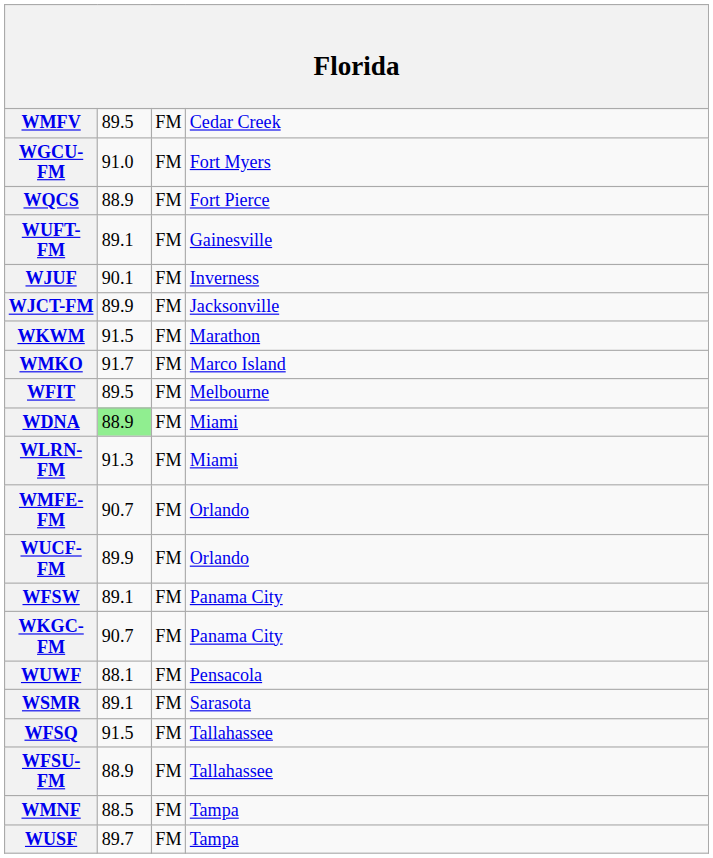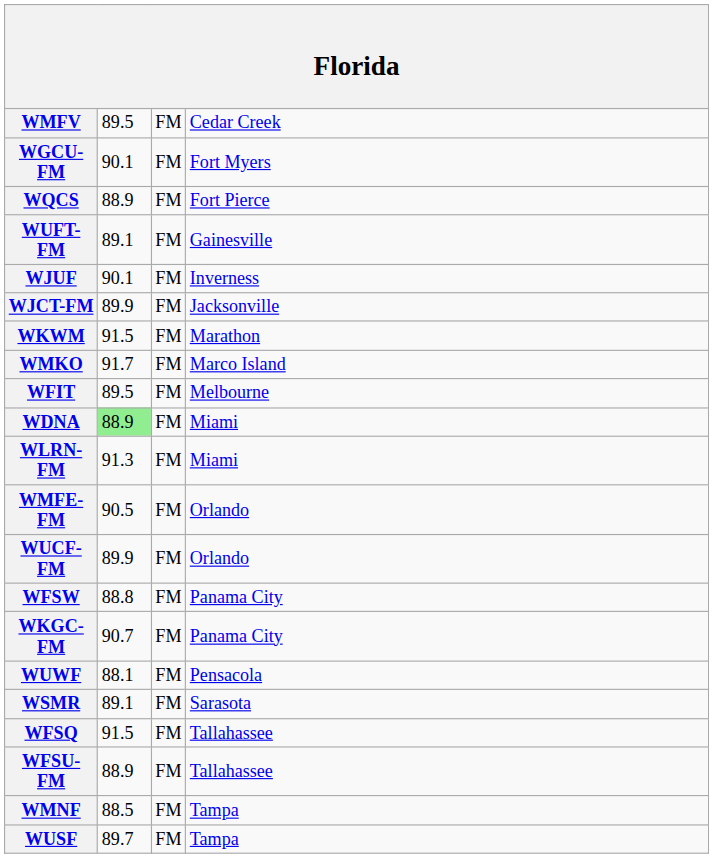 <table class="wikitable mw-collapsible" style="width:100%">
 <tr>
 <th scope="col" colspan="4"><br><h2>Florida</h2></th>
 </tr>
 <tr>
 <th scope="row" style="width: 75px;"><a href='#'>WMFV</a></th>
 <td style="width: 40px;">89.5</td>
 <td style="width: 21px;">FM</td>
 <td><a href='#'>Cedar Creek</a></td>
 </tr>
 <tr>
 <th scope="row"><a href='#'>WGCU-FM</a></th>
-<td>91.0</td>
+<td>90.1</td>
 <td>FM</td>
 <td><a href='#'>Fort Myers</a></td>
 </tr>
 <tr>
 <th scope="row"><a href='#'>WQCS</a></th>
 <td>88.9</td>
 <td>FM</td>
 <td><a href='#'>Fort Pierce</a></td>
 </tr>
 <tr>
 <th scope="row"><a href='#'>WUFT-FM</a></th>
 <td>89.1</td>
 <td>FM</td>
 <td><a href='#'>Gainesville</a></td>
 </tr>
 <tr>
 <th scope="row"><a href='#'>WJUF</a></th>
 <td>90.1</td>
 <td>FM</td>
 <td><a href='#'>Inverness</a></td>
 </tr>
 <tr>
 <th scope="row"><a href='#'>WJCT-FM</a></th>
 <td>89.9</td>
 <td>FM</td>
 <td><a href='#'>Jacksonville</a></td>
 </tr>
 <tr>
 <th scope="row"><a href='#'>WKWM</a></th>
 <td>91.5</td>
 <td>FM</td>
 <td><a href='#'>Marathon</a></td>
 </tr>
 <tr>
 <th scope="row"><a href='#'>WMKO</a></th>
 <td>91.7</td>
 <td>FM</td>
 <td><a href='#'>Marco Island</a></td>
 </tr>
 <tr>
 <th scope="row"><a href='#'>WFIT</a></th>
 <td>89.5</td>
 <td>FM</td>
 <td><a href='#'>Melbourne</a></td>
 </tr>
 <tr>
 <th scope="row"><a href='#'>WDNA</a></th>
 <td style="background: lightgreen;">88.9</td>
 <td>FM</td>
 <td><a href='#'>Miami</a></td>
 </tr>
 <tr>
 <th scope="row"><a href='#'>WLRN-FM</a></th>
 <td>91.3</td>
 <td>FM</td>
 <td><a href='#'>Miami</a></td>
 </tr>
 <tr>
 <th scope="row"><a href='#'>WMFE-FM</a></th>
-<td>90.7</td>
+<td>90.5</td>
 <td>FM</td>
 <td><a href='#'>Orlando</a></td>
 </tr>
 <tr>
 <th scope="row"><a href='#'>WUCF-FM</a></th>
 <td>89.9</td>
 <td>FM</td>
 <td><a href='#'>Orlando</a></td>
 </tr>
 <tr>
 <th scope="row"><a href='#'>WFSW</a></th>
-<td>89.1</td>
+<td>88.8</td>
 <td>FM</td>
 <td><a href='#'>Panama City</a></td>
 </tr>
 <tr>
 <th scope="row"><a href='#'>WKGC-FM</a></th>
 <td>90.7</td>
 <td>FM</td>
 <td><a href='#'>Panama City</a></td>
 </tr>
 <tr>
 <th scope="row"><a href='#'>WUWF</a></th>
 <td>88.1</td>
 <td>FM</td>
 <td><a href='#'>Pensacola</a></td>
 </tr>
 <tr>
 <th scope="row"><a href='#'>WSMR</a></th>
 <td>89.1</td>
 <td>FM</td>
 <td><a href='#'>Sarasota</a></td>
 </tr>
 <tr>
 <th scope="row"><a href='#'>WFSQ</a></th>
 <td>91.5</td>
 <td>FM</td>
 <td><a href='#'>Tallahassee</a></td>
 </tr>
 <tr>
 <th scope="row"><a href='#'>WFSU-FM</a></th>
 <td>88.9</td>
 <td>FM</td>
 <td><a href='#'>Tallahassee</a></td>
 </tr>
 <tr>
 <th scope="row"><a href='#'>WMNF</a></th>
 <td>88.5</td>
 <td>FM</td>
 <td><a href='#'>Tampa</a></td>
 </tr>
 <tr>
 <th scope="row"><a href='#'>WUSF</a></th>
 <td>89.7</td>
 <td>FM</td>
 <td><a href='#'>Tampa</a></td>
 </tr>
 </table>
